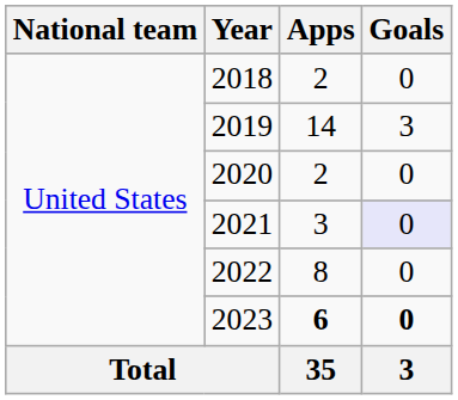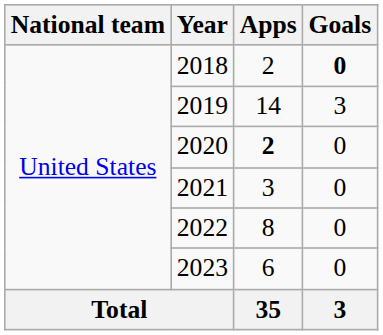 <table class="wikitable" style="text-align:center">
 <tr>
 <th>National team</th>
 <th>Year</th>
 <th>Apps</th>
 <th>Goals</th>
 </tr>
 <tr>
 <td rowspan="6"><a href='#'>United States</a></td>
 <td>2018</td>
 <td>2</td>
-<td>0</td>
+<td><strong>0</strong></td>
 </tr>
 <tr>
 <td>2019</td>
 <td>14</td>
 <td>3</td>
 </tr>
 <tr>
 <td>2020</td>
-<td>2</td>
+<td><strong>2</strong></td>
 <td>0</td>
 </tr>
 <tr>
 <td>2021</td>
 <td>3</td>
-<td style="background: lavender;">0</td>
+<td>0</td>
 </tr>
 <tr>
 <td>2022</td>
 <td>8</td>
 <td>0</td>
 </tr>
 <tr>
 <td>2023</td>
-<td><strong>6</strong></td>
-<td><strong>0 </strong></td>
+<td>6</td>
+<td>0 </td>
 </tr>
 <tr>
 <th colspan="2">Total</th>
 <th>35</th>
 <th>3</th>
 </tr>
 </table>
